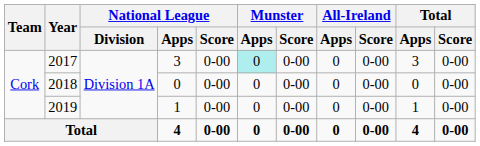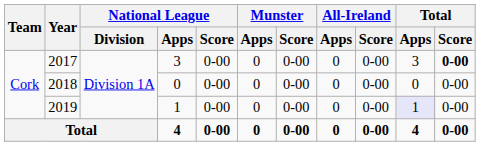 <table class="wikitable" style="text-align:center">
 <tr>
 <th rowspan="2">Team</th>
 <th rowspan="2">Year</th>
 <th colspan="3"><a href='#'>National League</a></th>
 <th colspan="2"><a href='#'>Munster</a></th>
 <th colspan="2"><a href='#'>All-Ireland</a></th>
 <th colspan="2">Total</th>
 </tr>
 <tr>
 <th>Division</th>
 <th>Apps</th>
 <th>Score</th>
 <th>Apps</th>
 <th>Score</th>
 <th>Apps</th>
 <th>Score</th>
 <th>Apps</th>
 <th>Score</th>
 </tr>
 <tr>
 <td rowspan="3"><a href='#'>Cork</a></td>
 <td>2017</td>
 <td rowspan="3"><a href='#'>Division 1A</a></td>
 <td>3</td>
 <td>0-00</td>
-<td style="background: paleturquoise;">0</td>
+<td>0</td>
 <td>0-00</td>
 <td>0</td>
 <td>0-00</td>
 <td>3</td>
-<td>0-00</td>
+<td><strong>0-00</strong></td>
 </tr>
 <tr>
 <td>2018</td>
 <td>0</td>
 <td>0-00</td>
 <td>0</td>
 <td>0-00</td>
 <td>0</td>
 <td>0-00</td>
 <td>0</td>
 <td>0-00</td>
 </tr>
 <tr>
 <td>2019</td>
 <td>1</td>
 <td>0-00</td>
 <td>0</td>
 <td>0-00</td>
 <td>0</td>
 <td>0-00</td>
-<td>1</td>
+<td style="background: lavender;">1</td>
 <td>0-00</td>
 </tr>
 <tr>
 <th colspan="3">Total</th>
 <td><strong>4</strong></td>
 <td><strong>0-00</strong></td>
 <td><strong>0</strong></td>
 <td><strong>0-00</strong></td>
 <td><strong>0</strong></td>
 <td><strong>0-00</strong></td>
 <td><strong>4</strong></td>
 <td><strong>0-00</strong></td>
 </tr>
 </table>
